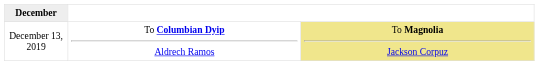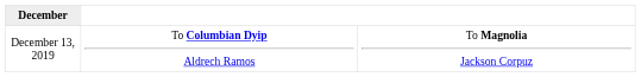 <table border=1 style="border-collapse:collapse; text-align: center; width: 100%" bordercolor="#DFDFDF"  cellpadding="5">
 <tr bgcolor="eeeeee">
 <th>December</th>
 </tr>
 <tr>
 <td style="width:12%" rowspan=4>December 13, 2019</td>
 <td style="width:44%" valign="top">To <strong><a href='#'>Columbian Dyip</a></strong><hr><a href='#'>Aldrech Ramos</a></td>
-<td style="background: khaki; width:44%" valign="top">To <strong>Magnolia</strong><hr><a href='#'>Jackson Corpuz</a></td>
+<td style="width:44%" valign="top">To <strong>Magnolia</strong><hr><a href='#'>Jackson Corpuz</a></td>
 </tr>
 </table>
